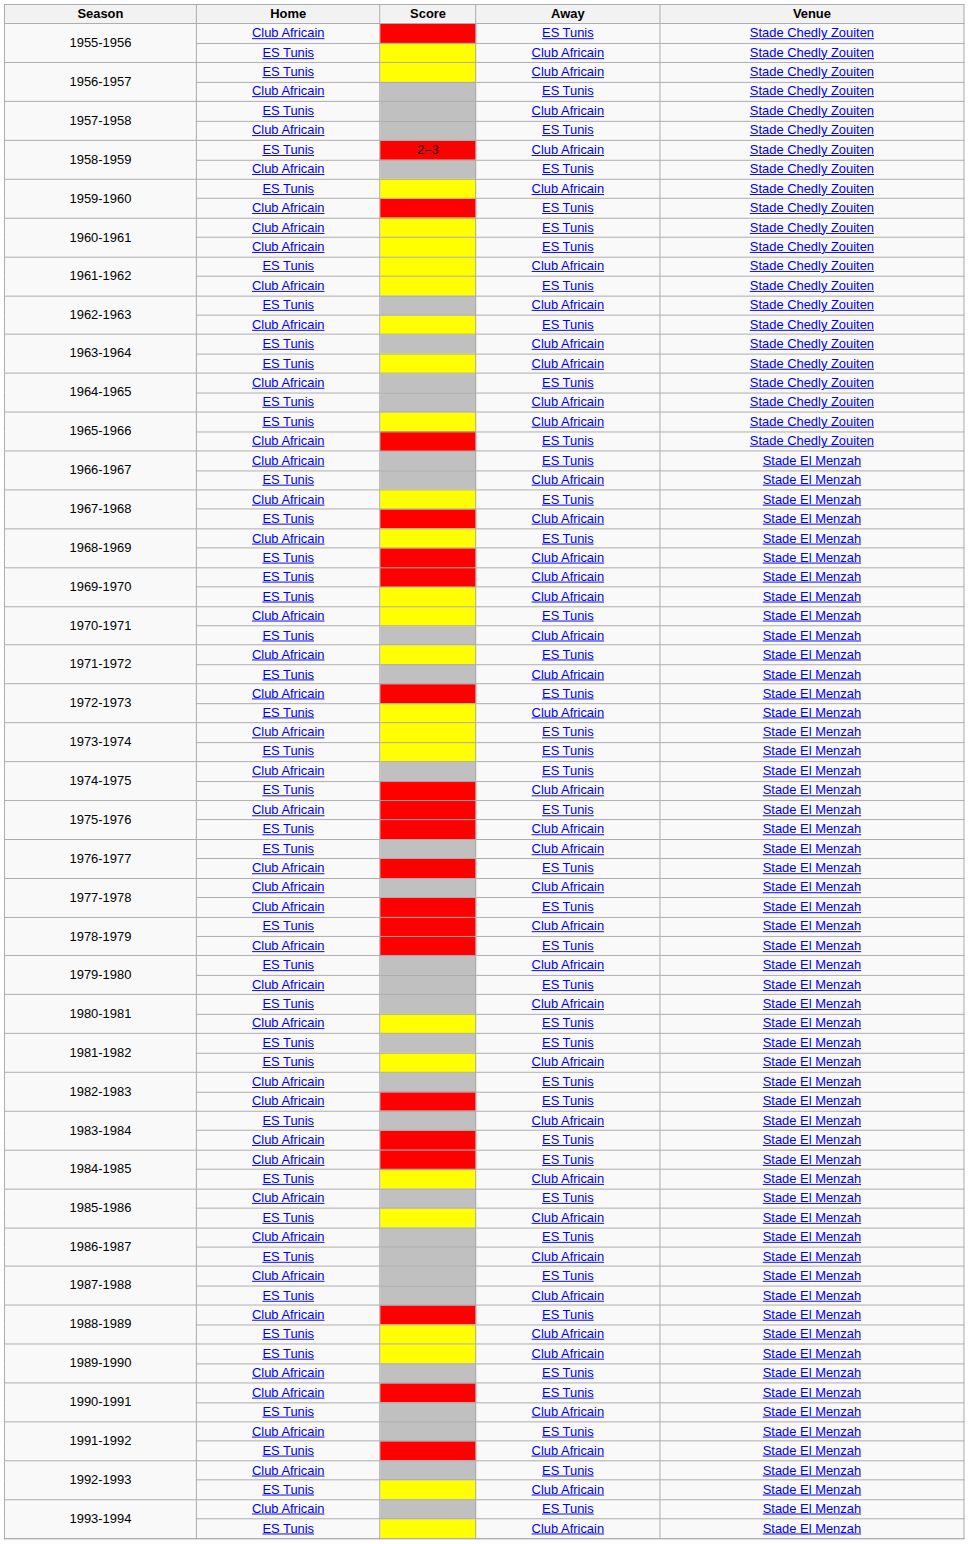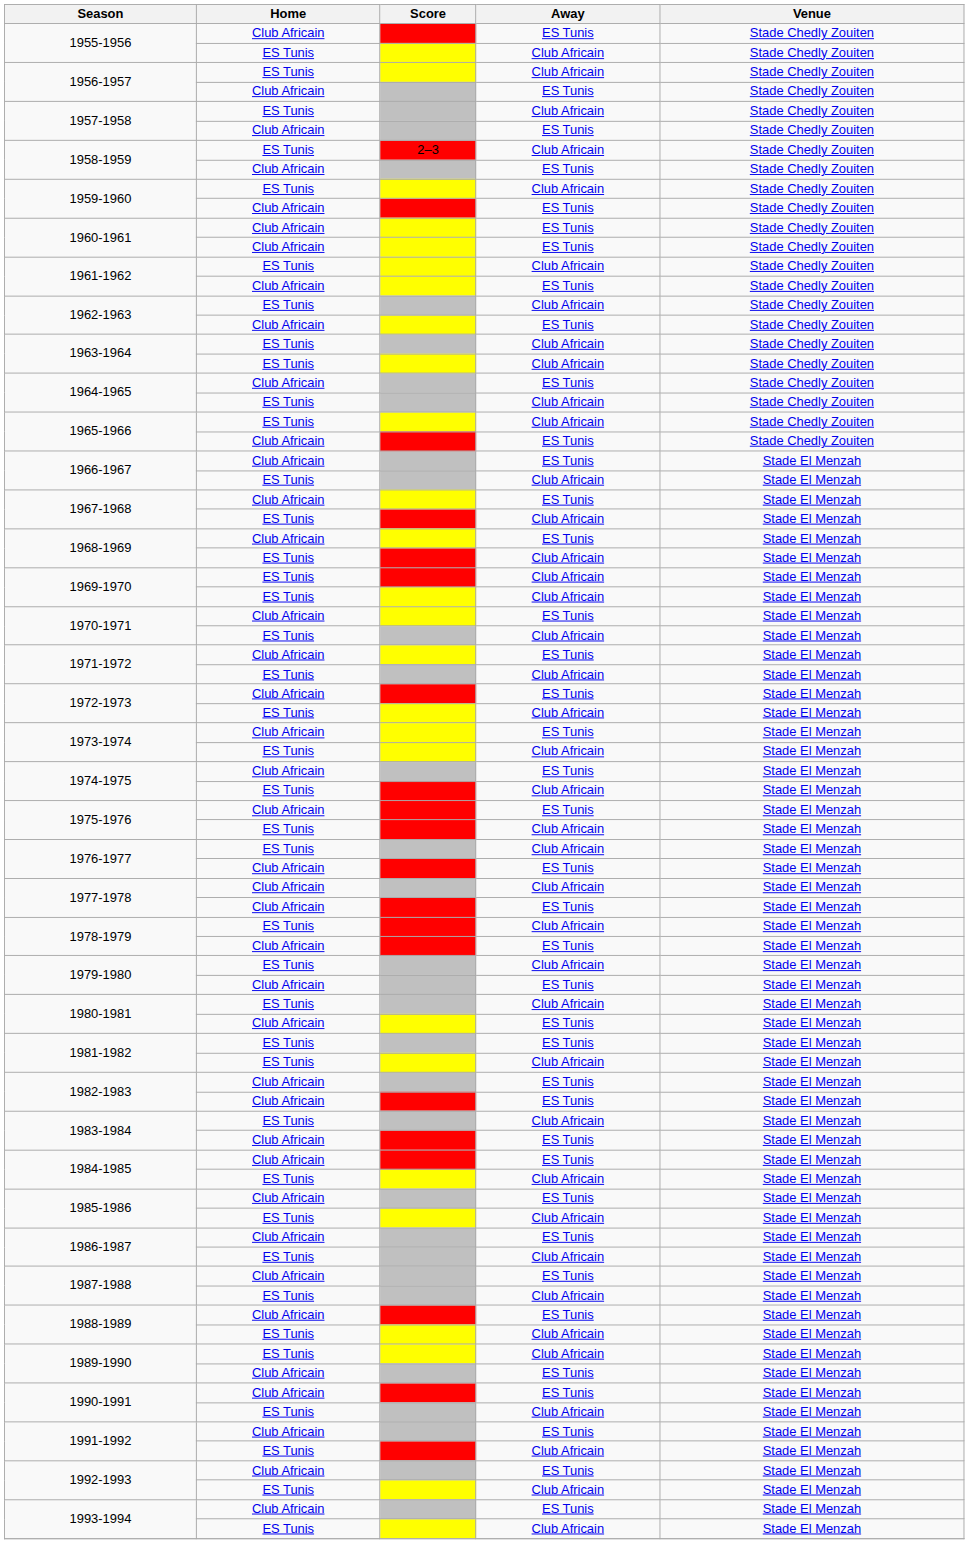 <table class="wikitable sortable alternance" style="font-size:85%; text-align:center; line-height:14px;" width=80%>
 <tr>
 <th width="20%" !rowspan="1">Season</th>
 <th>Home</th>
 <th width="10%" !rowspan="1">Score</th>
 <th>Away</th>
 <th>Venue</th>
 </tr>
 <tr>
 <td rowspan="2">1955-1956</td>
 <td align="center"><a href='#'>Club Africain</a></td>
 <td bgcolor="red"></td>
 <td align="center"><a href='#'>ES Tunis</a></td>
 <td><a href='#'>Stade Chedly Zouiten</a></td>
 </tr>
 <tr>
 <td><a href='#'>ES Tunis</a></td>
 <td bgcolor="yellow"></td>
 <td align="center"><a href='#'>Club Africain</a></td>
 <td><a href='#'>Stade Chedly Zouiten</a></td>
 </tr>
 <tr>
 <td rowspan="2">1956-1957</td>
 <td align="center"><a href='#'>ES Tunis</a></td>
 <td bgcolor="yellow"></td>
 <td align="center"><a href='#'>Club Africain</a></td>
 <td><a href='#'>Stade Chedly Zouiten</a></td>
 </tr>
 <tr>
 <td align="center"><a href='#'>Club Africain</a></td>
 <td bgcolor="silver"></td>
 <td align="center"><a href='#'>ES Tunis</a></td>
 <td><a href='#'>Stade Chedly Zouiten</a></td>
 </tr>
 <tr>
 <td rowspan="2">1957-1958</td>
 <td align="center"><a href='#'>ES Tunis</a></td>
 <td bgcolor="silver"></td>
 <td align="center"><a href='#'>Club Africain</a></td>
 <td><a href='#'>Stade Chedly Zouiten</a></td>
 </tr>
 <tr>
 <td align="center"><a href='#'>Club Africain</a></td>
 <td bgcolor="silver"></td>
 <td align="center"><a href='#'>ES Tunis</a></td>
 <td><a href='#'>Stade Chedly Zouiten</a></td>
 </tr>
 <tr>
 <td rowspan="2">1958-1959</td>
 <td align="center"><a href='#'>ES Tunis</a></td>
 <td bgcolor="red">2–3</td>
 <td align="center"><a href='#'>Club Africain</a></td>
 <td><a href='#'>Stade Chedly Zouiten</a></td>
 </tr>
 <tr>
 <td align="center"><a href='#'>Club Africain</a></td>
 <td bgcolor="silver"></td>
 <td align="center"><a href='#'>ES Tunis</a></td>
 <td><a href='#'>Stade Chedly Zouiten</a></td>
 </tr>
 <tr>
 <td rowspan="2">1959-1960</td>
 <td align="center"><a href='#'>ES Tunis</a></td>
 <td bgcolor="yellow"></td>
 <td align="center"><a href='#'>Club Africain</a></td>
 <td><a href='#'>Stade Chedly Zouiten</a></td>
 </tr>
 <tr>
 <td align="center"><a href='#'>Club Africain</a></td>
 <td bgcolor="red"></td>
 <td align="center"><a href='#'>ES Tunis</a></td>
 <td><a href='#'>Stade Chedly Zouiten</a></td>
 </tr>
 <tr>
 <td rowspan="2">1960-1961</td>
 <td align="center"><a href='#'>Club Africain</a></td>
 <td bgcolor="yellow"></td>
 <td align="center"><a href='#'>ES Tunis</a></td>
 <td><a href='#'>Stade Chedly Zouiten</a></td>
 </tr>
 <tr>
 <td align="center"><a href='#'>Club Africain</a></td>
 <td bgcolor="yellow"></td>
 <td align="center"><a href='#'>ES Tunis</a></td>
 <td><a href='#'>Stade Chedly Zouiten</a></td>
 </tr>
 <tr>
 <td rowspan="2">1961-1962</td>
 <td align="center"><a href='#'>ES Tunis</a></td>
 <td bgcolor="yellow"></td>
 <td align="center"><a href='#'>Club Africain</a></td>
 <td><a href='#'>Stade Chedly Zouiten</a></td>
 </tr>
 <tr>
 <td><a href='#'>Club Africain</a></td>
 <td bgcolor="yellow"></td>
 <td align="center"><a href='#'>ES Tunis</a></td>
 <td><a href='#'>Stade Chedly Zouiten</a></td>
 </tr>
 <tr>
 <td rowspan="2">1962-1963</td>
 <td align="center"><a href='#'>ES Tunis</a></td>
 <td bgcolor="silver"></td>
 <td align="center"><a href='#'>Club Africain</a></td>
 <td><a href='#'>Stade Chedly Zouiten</a></td>
 </tr>
 <tr>
 <td><a href='#'>Club Africain</a></td>
 <td bgcolor="yellow"></td>
 <td align="center"><a href='#'>ES Tunis</a></td>
 <td><a href='#'>Stade Chedly Zouiten</a></td>
 </tr>
 <tr>
 <td rowspan="2">1963-1964</td>
 <td align="center"><a href='#'>ES Tunis</a></td>
 <td bgcolor="silver"></td>
 <td align="center"><a href='#'>Club Africain</a></td>
 <td><a href='#'>Stade Chedly Zouiten</a></td>
 </tr>
 <tr>
 <td align="center"><a href='#'>ES Tunis</a></td>
 <td bgcolor="yellow"></td>
 <td align="center"><a href='#'>Club Africain</a></td>
 <td><a href='#'>Stade Chedly Zouiten</a></td>
 </tr>
 <tr>
 <td rowspan="2">1964-1965</td>
 <td align="center"><a href='#'>Club Africain</a></td>
 <td bgcolor="silver"></td>
 <td align="center"><a href='#'>ES Tunis</a></td>
 <td><a href='#'>Stade Chedly Zouiten</a></td>
 </tr>
 <tr>
 <td align="center"><a href='#'>ES Tunis</a></td>
 <td bgcolor="silver"></td>
 <td align="center"><a href='#'>Club Africain</a></td>
 <td><a href='#'>Stade Chedly Zouiten</a></td>
 </tr>
 <tr>
 <td rowspan="2">1965-1966</td>
 <td align="center"><a href='#'>ES Tunis</a></td>
 <td bgcolor="yellow"></td>
 <td align="center"><a href='#'>Club Africain</a></td>
 <td><a href='#'>Stade Chedly Zouiten</a></td>
 </tr>
 <tr>
 <td align="center"><a href='#'>Club Africain</a></td>
 <td bgcolor="red"></td>
 <td align="center"><a href='#'>ES Tunis</a></td>
 <td><a href='#'>Stade Chedly Zouiten</a></td>
 </tr>
 <tr>
 <td rowspan="2">1966-1967</td>
 <td align="center"><a href='#'>Club Africain</a></td>
 <td bgcolor="silver"></td>
 <td align="center"><a href='#'>ES Tunis</a></td>
 <td><a href='#'>Stade El Menzah</a></td>
 </tr>
 <tr>
 <td align="center"><a href='#'>ES Tunis</a></td>
 <td bgcolor="silver"></td>
 <td align="center"><a href='#'>Club Africain</a></td>
 <td><a href='#'>Stade El Menzah</a></td>
 </tr>
 <tr>
 <td rowspan="2">1967-1968</td>
 <td align="center"><a href='#'>Club Africain</a></td>
 <td bgcolor="yellow"></td>
 <td align="center"><a href='#'>ES Tunis</a></td>
 <td><a href='#'>Stade El Menzah</a></td>
 </tr>
 <tr>
 <td align="center"><a href='#'>ES Tunis</a></td>
 <td bgcolor="red"></td>
 <td align="center"><a href='#'>Club Africain</a></td>
 <td><a href='#'>Stade El Menzah</a></td>
 </tr>
 <tr>
 <td rowspan="2">1968-1969</td>
 <td align="center"><a href='#'>Club Africain</a></td>
 <td bgcolor="yellow"></td>
 <td align="center"><a href='#'>ES Tunis</a></td>
 <td><a href='#'>Stade El Menzah</a></td>
 </tr>
 <tr>
 <td align="center"><a href='#'>ES Tunis</a></td>
 <td bgcolor="red"></td>
 <td align="center"><a href='#'>Club Africain</a></td>
 <td><a href='#'>Stade El Menzah</a></td>
 </tr>
 <tr>
 <td rowspan="2">1969-1970</td>
 <td align="center"><a href='#'>ES Tunis</a></td>
 <td bgcolor="red"></td>
 <td align="center"><a href='#'>Club Africain</a></td>
 <td><a href='#'>Stade El Menzah</a></td>
 </tr>
 <tr>
 <td align="center"><a href='#'>ES Tunis</a></td>
 <td bgcolor="yellow"></td>
 <td><a href='#'>Club Africain</a></td>
 <td><a href='#'>Stade El Menzah</a></td>
 </tr>
 <tr>
 <td rowspan="2">1970-1971</td>
 <td align="center"><a href='#'>Club Africain</a></td>
 <td bgcolor="yellow"></td>
 <td align="center"><a href='#'>ES Tunis</a></td>
 <td><a href='#'>Stade El Menzah</a></td>
 </tr>
 <tr>
 <td align="center"><a href='#'>ES Tunis</a></td>
 <td bgcolor="silver"></td>
 <td align="center"><a href='#'>Club Africain</a></td>
 <td><a href='#'>Stade El Menzah</a></td>
 </tr>
 <tr>
 <td rowspan="2">1971-1972</td>
 <td align="center"><a href='#'>Club Africain</a></td>
 <td bgcolor="yellow"></td>
 <td align="center"><a href='#'>ES Tunis</a></td>
 <td><a href='#'>Stade El Menzah</a></td>
 </tr>
 <tr>
 <td><a href='#'>ES Tunis</a></td>
 <td bgcolor="silver"></td>
 <td align="center"><a href='#'>Club Africain</a></td>
 <td><a href='#'>Stade El Menzah</a></td>
 </tr>
 <tr>
 <td rowspan="2">1972-1973</td>
 <td align="center"><a href='#'>Club Africain</a></td>
 <td bgcolor="red"></td>
 <td align="center"><a href='#'>ES Tunis</a></td>
 <td><a href='#'>Stade El Menzah</a></td>
 </tr>
 <tr>
 <td align="center"><a href='#'>ES Tunis</a></td>
 <td bgcolor="yellow"></td>
 <td align="center"><a href='#'>Club Africain</a></td>
 <td><a href='#'>Stade El Menzah</a></td>
 </tr>
 <tr>
 <td rowspan="2">1973-1974</td>
 <td align="center"><a href='#'>Club Africain</a></td>
 <td bgcolor="yellow"></td>
 <td align="center"><a href='#'>ES Tunis</a></td>
 <td><a href='#'>Stade El Menzah</a></td>
 </tr>
 <tr>
 <td align="center"><a href='#'>ES Tunis</a></td>
 <td bgcolor="yellow"></td>
-<td align="center"><a href='#'>ES Tunis</a></td>
+<td align="center"><a href='#'>Club Africain</a></td>
 <td><a href='#'>Stade El Menzah</a></td>
 </tr>
 <tr>
 <td rowspan="2">1974-1975</td>
 <td align="center"><a href='#'>Club Africain</a></td>
 <td bgcolor="silver"></td>
 <td align="center"><a href='#'>ES Tunis</a></td>
 <td><a href='#'>Stade El Menzah</a></td>
 </tr>
 <tr>
 <td align="center"><a href='#'>ES Tunis</a></td>
 <td bgcolor="red"></td>
 <td align="center"><a href='#'>Club Africain</a></td>
 <td><a href='#'>Stade El Menzah</a></td>
 </tr>
 <tr>
 <td rowspan="2">1975-1976</td>
 <td align="center"><a href='#'>Club Africain</a></td>
 <td bgcolor="red"></td>
 <td align="center"><a href='#'>ES Tunis</a></td>
 <td><a href='#'>Stade El Menzah</a></td>
 </tr>
 <tr>
 <td><a href='#'>ES Tunis</a></td>
 <td bgcolor="red"></td>
 <td align="center"><a href='#'>Club Africain</a></td>
 <td><a href='#'>Stade El Menzah</a></td>
 </tr>
 <tr>
 <td rowspan="2">1976-1977</td>
 <td align="center"><a href='#'>ES Tunis</a></td>
 <td bgcolor="silver"></td>
 <td align="center"><a href='#'>Club Africain</a></td>
 <td><a href='#'>Stade El Menzah</a></td>
 </tr>
 <tr>
 <td align="center"><a href='#'>Club Africain</a></td>
 <td bgcolor="red"></td>
 <td align="center"><a href='#'>ES Tunis</a></td>
 <td><a href='#'>Stade El Menzah</a></td>
 </tr>
 <tr>
 <td rowspan="2">1977-1978</td>
 <td align="center"><a href='#'>Club Africain</a></td>
 <td bgcolor="silver"></td>
 <td align="center"><a href='#'>Club Africain</a></td>
 <td><a href='#'>Stade El Menzah</a></td>
 </tr>
 <tr>
 <td align="center"><a href='#'>Club Africain</a></td>
 <td bgcolor="red"></td>
 <td align="center"><a href='#'>ES Tunis</a></td>
 <td><a href='#'>Stade El Menzah</a></td>
 </tr>
 <tr>
 <td rowspan="2">1978-1979</td>
 <td align="center"><a href='#'>ES Tunis</a></td>
 <td bgcolor="red"></td>
 <td align="center"><a href='#'>Club Africain</a></td>
 <td><a href='#'>Stade El Menzah</a></td>
 </tr>
 <tr>
 <td align="center"><a href='#'>Club Africain</a></td>
 <td bgcolor="red"></td>
 <td align="center"><a href='#'>ES Tunis</a></td>
 <td><a href='#'>Stade El Menzah</a></td>
 </tr>
 <tr>
 <td rowspan="2">1979-1980</td>
 <td align="center"><a href='#'>ES Tunis</a></td>
 <td bgcolor="silver"></td>
 <td align="center"><a href='#'>Club Africain</a></td>
 <td><a href='#'>Stade El Menzah</a></td>
 </tr>
 <tr>
 <td align="center"><a href='#'>Club Africain</a></td>
 <td bgcolor="silver"></td>
 <td align="center"><a href='#'>ES Tunis</a></td>
 <td><a href='#'>Stade El Menzah</a></td>
 </tr>
 <tr>
 <td rowspan="2">1980-1981</td>
 <td align="center"><a href='#'>ES Tunis</a></td>
 <td bgcolor="silver"></td>
 <td align="center"><a href='#'>Club Africain</a></td>
 <td><a href='#'>Stade El Menzah</a></td>
 </tr>
 <tr>
 <td align="center"><a href='#'>Club Africain</a></td>
 <td bgcolor="yellow"></td>
 <td align="center"><a href='#'>ES Tunis</a></td>
 <td><a href='#'>Stade El Menzah</a></td>
 </tr>
 <tr>
 <td rowspan="2">1981-1982</td>
 <td align="center"><a href='#'>ES Tunis</a></td>
 <td bgcolor="silver"></td>
 <td align="center"><a href='#'>ES Tunis</a></td>
 <td><a href='#'>Stade El Menzah</a></td>
 </tr>
 <tr>
 <td align="center"><a href='#'>ES Tunis</a></td>
 <td bgcolor="yellow"></td>
 <td align="center"><a href='#'>Club Africain</a></td>
 <td><a href='#'>Stade El Menzah</a></td>
 </tr>
 <tr>
 <td rowspan="2">1982-1983</td>
 <td align="center"><a href='#'>Club Africain</a></td>
 <td bgcolor="silver"></td>
 <td align="center"><a href='#'>ES Tunis</a></td>
 <td><a href='#'>Stade El Menzah</a></td>
 </tr>
 <tr>
 <td align="center"><a href='#'>Club Africain</a></td>
 <td bgcolor="red"></td>
 <td align="center"><a href='#'>ES Tunis</a></td>
 <td><a href='#'>Stade El Menzah</a></td>
 </tr>
 <tr>
 <td rowspan="2">1983-1984</td>
 <td align="center"><a href='#'>ES Tunis</a></td>
 <td bgcolor="silver"></td>
 <td align="center"><a href='#'>Club Africain</a></td>
 <td><a href='#'>Stade El Menzah</a></td>
 </tr>
 <tr>
 <td align="center"><a href='#'>Club Africain</a></td>
 <td bgcolor="red"></td>
 <td align="center"><a href='#'>ES Tunis</a></td>
 <td><a href='#'>Stade El Menzah</a></td>
 </tr>
 <tr>
 <td rowspan="2">1984-1985</td>
 <td align="center"><a href='#'>Club Africain</a></td>
 <td bgcolor="red"></td>
 <td align="center"><a href='#'>ES Tunis</a></td>
 <td><a href='#'>Stade El Menzah</a></td>
 </tr>
 <tr>
 <td align="center"><a href='#'>ES Tunis</a></td>
 <td bgcolor="yellow"></td>
 <td align="center"><a href='#'>Club Africain</a></td>
 <td><a href='#'>Stade El Menzah</a></td>
 </tr>
 <tr>
 <td rowspan="2">1985-1986</td>
 <td align="center"><a href='#'>Club Africain</a></td>
 <td bgcolor="silver"></td>
 <td align="center"><a href='#'>ES Tunis</a></td>
 <td><a href='#'>Stade El Menzah</a></td>
 </tr>
 <tr>
 <td align="center"><a href='#'>ES Tunis</a></td>
 <td bgcolor="yellow"></td>
 <td align="center"><a href='#'>Club Africain</a></td>
 <td><a href='#'>Stade El Menzah</a></td>
 </tr>
 <tr>
 <td rowspan="2">1986-1987</td>
 <td align="center"><a href='#'>Club Africain</a></td>
 <td bgcolor="silver"></td>
 <td align="center"><a href='#'>ES Tunis</a></td>
 <td><a href='#'>Stade El Menzah</a></td>
 </tr>
 <tr>
 <td align="center"><a href='#'>ES Tunis</a></td>
 <td bgcolor="silver"></td>
 <td align="center"><a href='#'>Club Africain</a></td>
 <td><a href='#'>Stade El Menzah</a></td>
 </tr>
 <tr>
 <td rowspan="2">1987-1988</td>
 <td align="center"><a href='#'>Club Africain</a></td>
 <td bgcolor="silver"></td>
 <td align="center"><a href='#'>ES Tunis</a></td>
 <td><a href='#'>Stade El Menzah</a></td>
 </tr>
 <tr>
 <td align="center"><a href='#'>ES Tunis</a></td>
 <td bgcolor="silver"></td>
 <td align="center"><a href='#'>Club Africain</a></td>
 <td><a href='#'>Stade El Menzah</a></td>
 </tr>
 <tr>
 <td rowspan="2">1988-1989</td>
 <td align="center"><a href='#'>Club Africain</a></td>
 <td bgcolor="red"></td>
 <td align="center"><a href='#'>ES Tunis</a></td>
 <td><a href='#'>Stade El Menzah</a></td>
 </tr>
 <tr>
 <td align="center"><a href='#'>ES Tunis</a></td>
 <td bgcolor="yellow"></td>
 <td align="center"><a href='#'>Club Africain</a></td>
 <td><a href='#'>Stade El Menzah</a></td>
 </tr>
 <tr>
 <td rowspan="2">1989-1990</td>
 <td align="center"><a href='#'>ES Tunis</a></td>
 <td bgcolor="yellow"></td>
 <td align="center"><a href='#'>Club Africain</a></td>
 <td><a href='#'>Stade El Menzah</a></td>
 </tr>
 <tr>
 <td align="center"><a href='#'>Club Africain</a></td>
 <td bgcolor="silver"></td>
 <td align="center"><a href='#'>ES Tunis</a></td>
 <td><a href='#'>Stade El Menzah</a></td>
 </tr>
 <tr>
 <td rowspan="2">1990-1991</td>
 <td align="center"><a href='#'>Club Africain</a></td>
 <td bgcolor="red"></td>
 <td align="center"><a href='#'>ES Tunis</a></td>
 <td><a href='#'>Stade El Menzah</a></td>
 </tr>
 <tr>
 <td align="center"><a href='#'>ES Tunis</a></td>
 <td bgcolor="silver"></td>
 <td align="center"><a href='#'>Club Africain</a></td>
 <td><a href='#'>Stade El Menzah</a></td>
 </tr>
 <tr>
 <td rowspan="2">1991-1992</td>
 <td align="center"><a href='#'>Club Africain</a></td>
 <td bgcolor="silver"></td>
 <td align="center"><a href='#'>ES Tunis</a></td>
 <td><a href='#'>Stade El Menzah</a></td>
 </tr>
 <tr>
 <td align="center"><a href='#'>ES Tunis</a></td>
 <td bgcolor="red"></td>
 <td align="center"><a href='#'>Club Africain</a></td>
 <td><a href='#'>Stade El Menzah</a></td>
 </tr>
 <tr>
 <td rowspan="2">1992-1993</td>
 <td align="center"><a href='#'>Club Africain</a></td>
 <td bgcolor="silver"></td>
 <td align="center"><a href='#'>ES Tunis</a></td>
 <td><a href='#'>Stade El Menzah</a></td>
 </tr>
 <tr>
 <td align="center"><a href='#'>ES Tunis</a></td>
 <td bgcolor="yellow"></td>
 <td align="center"><a href='#'>Club Africain</a></td>
 <td><a href='#'>Stade El Menzah</a></td>
 </tr>
 <tr>
 <td rowspan="2">1993-1994</td>
 <td align="center"><a href='#'>Club Africain</a></td>
 <td bgcolor="silver"></td>
 <td align="center"><a href='#'>ES Tunis</a></td>
 <td><a href='#'>Stade El Menzah</a></td>
 </tr>
 <tr>
 <td align="center"><a href='#'>ES Tunis</a></td>
 <td bgcolor="yellow"></td>
 <td align="center"><a href='#'>Club Africain</a></td>
 <td><a href='#'>Stade El Menzah</a></td>
 </tr>
 <tr>
 </tr>
 </table>
